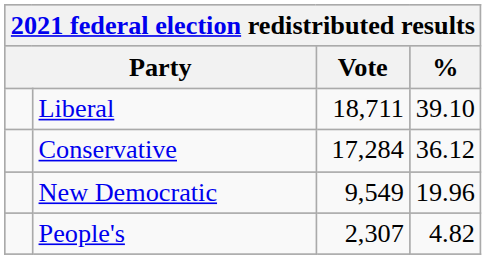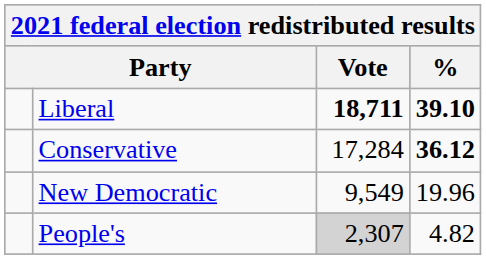 <table class="wikitable">
 <tr>
 <th colspan="4"><a href='#'>2021 federal election</a> redistributed results</th>
 </tr>
 <tr>
 <th colspan="2" bgcolor="#DDDDFF" width="130px">Party</th>
 <th bgcolor="#DDDDFF" width="50px">Vote</th>
 <th bgcolor="#DDDDFF" width="30px">%</th>
 </tr>
 <tr>
 <td> </td>
 <td><a href='#'>Liberal</a></td>
-<td align="right">18,711</td>
-<td align="right">39.10</td>
+<td align="right"><strong>18,711</strong></td>
+<td align="right"><strong>39.10</strong></td>
 </tr>
 <tr>
 <td> </td>
 <td><a href='#'>Conservative</a></td>
 <td align="right">17,284</td>
-<td align="right">36.12</td>
+<td align="right"><strong>36.12</strong></td>
 </tr>
 <tr>
 <td> </td>
 <td><a href='#'>New Democratic</a></td>
 <td align="right">9,549</td>
 <td align="right">19.96</td>
 </tr>
 <tr>
 <td> </td>
 <td><a href='#'>People's</a></td>
-<td align="right">2,307</td>
+<td align="right" style="background: lightgrey;">2,307</td>
 <td align="right">4.82</td>
 </tr>
 </table>
